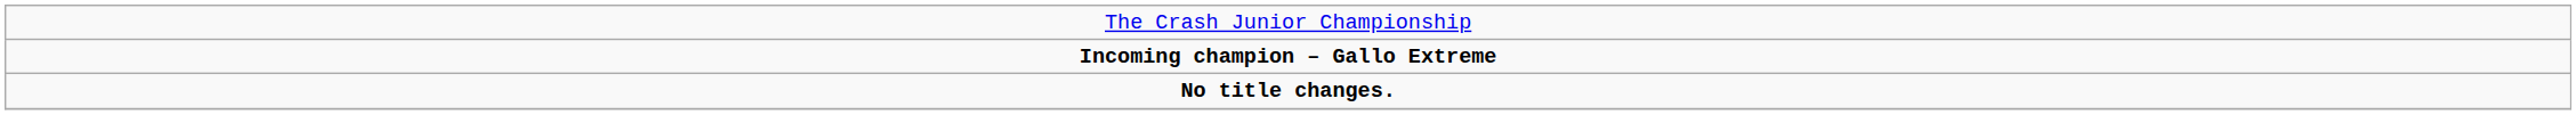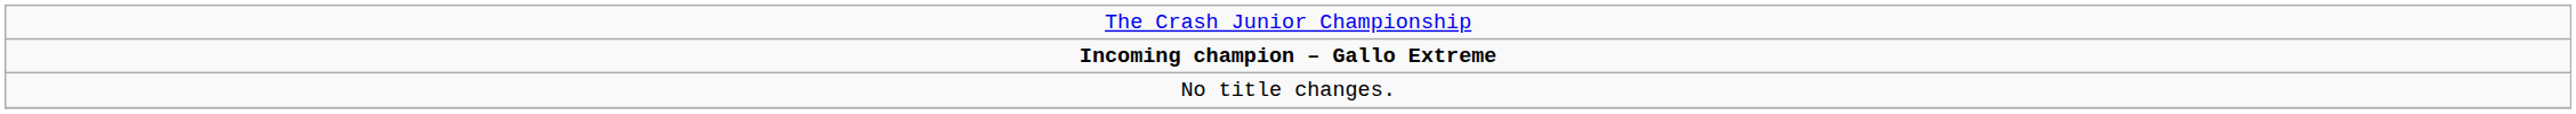 <table class="wikitable" style="text-align:center; width:100%;">
 <tr>
 <td colspan="4" style="text-align: center;"><a href='#'>The Crash Junior Championship</a></td>
 </tr>
 <tr>
 <td colspan="4" style="text-align: center;"><strong>Incoming champion – Gallo Extreme</strong></td>
 </tr>
 <tr>
-<td><strong>No title changes.</strong></td>
+<td>No title changes.</td>
 </tr>
 <tr>
 </tr>
 </table>
